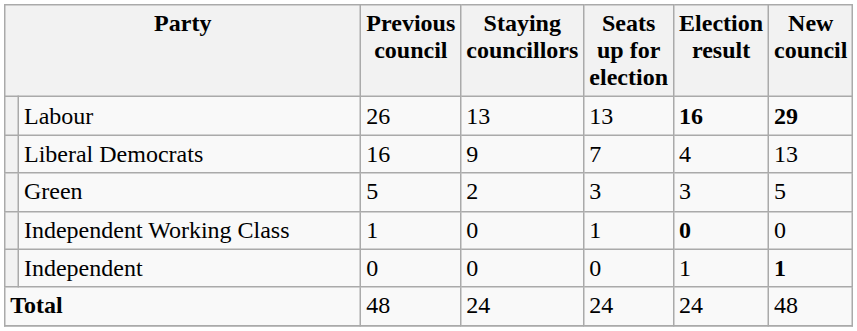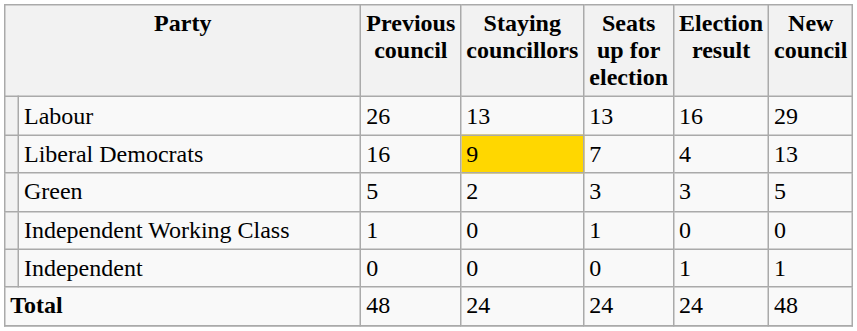 <table class="wikitable">
 <tr>
 <th valign=top colspan="2" style="width: 230px">Party</th>
 <th valign=top style="width: 30px">Previous council</th>
 <th valign=top style="width: 30px">Staying councillors</th>
 <th valign=top style="width: 30px">Seats up for election</th>
 <th valign=top style="width: 30px">Election result</th>
 <th valign=top style="width: 30px">New council</th>
 </tr>
 <tr>
 <th style="background-color: "></th>
 <td>Labour</td>
 <td>26</td>
 <td>13</td>
 <td>13</td>
-<td><strong>16</strong></td>
-<td><strong>29</strong></td>
+<td>16</td>
+<td>29</td>
 </tr>
 <tr>
 <th style="background-color: "></th>
 <td>Liberal Democrats</td>
 <td>16</td>
-<td>9</td>
+<td style="background: gold;">9</td>
 <td>7</td>
 <td>4</td>
 <td>13</td>
 </tr>
 <tr>
 <th style="background-color: "></th>
 <td>Green</td>
 <td>5</td>
 <td>2</td>
 <td>3</td>
 <td>3</td>
 <td>5</td>
 </tr>
 <tr>
 <th style="background-color: "></th>
 <td>Independent Working Class</td>
 <td>1</td>
 <td>0</td>
 <td>1</td>
-<td><strong>0</strong></td>
+<td>0</td>
 <td>0</td>
 </tr>
 <tr>
 <th style="background-color: "></th>
 <td>Independent</td>
 <td>0</td>
 <td>0</td>
 <td>0</td>
 <td>1</td>
-<td><strong>1</strong></td>
+<td>1</td>
 </tr>
 <tr>
 <td colspan="2"><strong>Total</strong></td>
 <td>48</td>
 <td>24</td>
 <td>24</td>
 <td>24</td>
 <td>48</td>
 </tr>
 <tr>
 </tr>
 </table>
